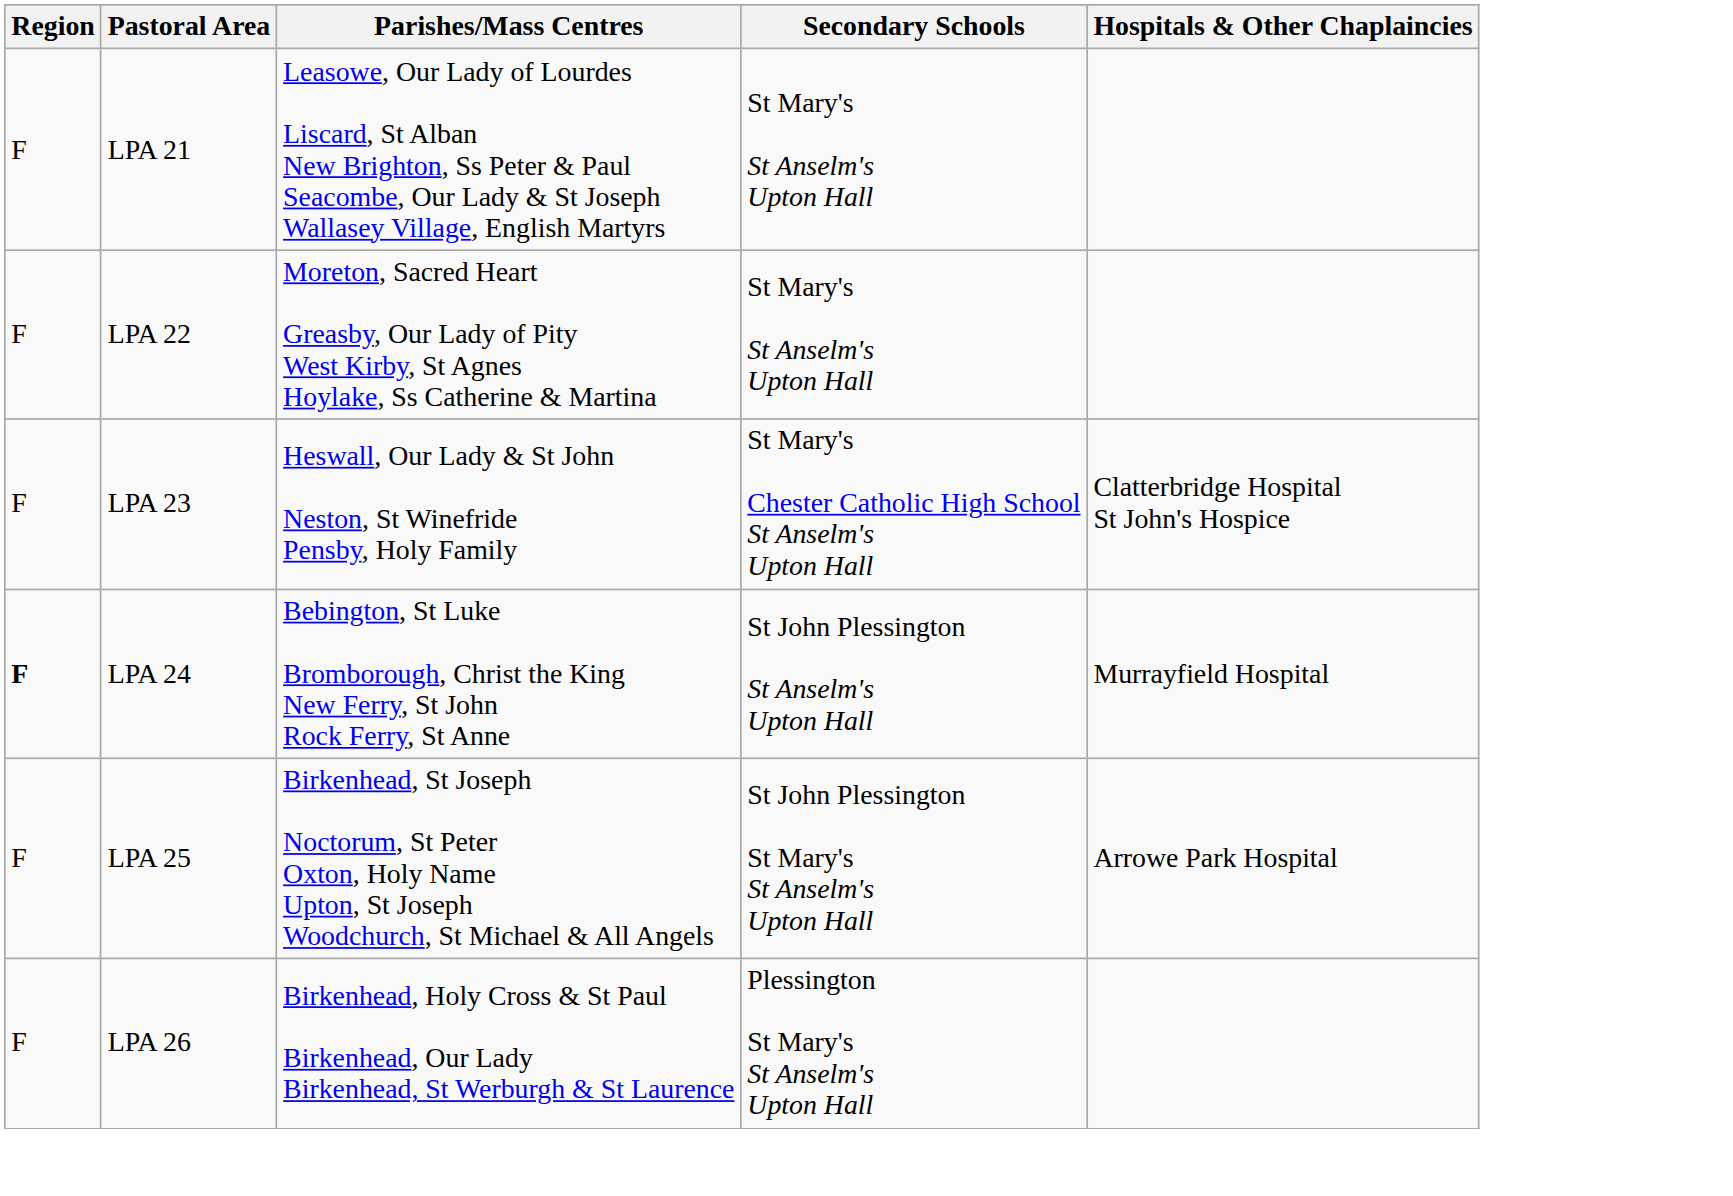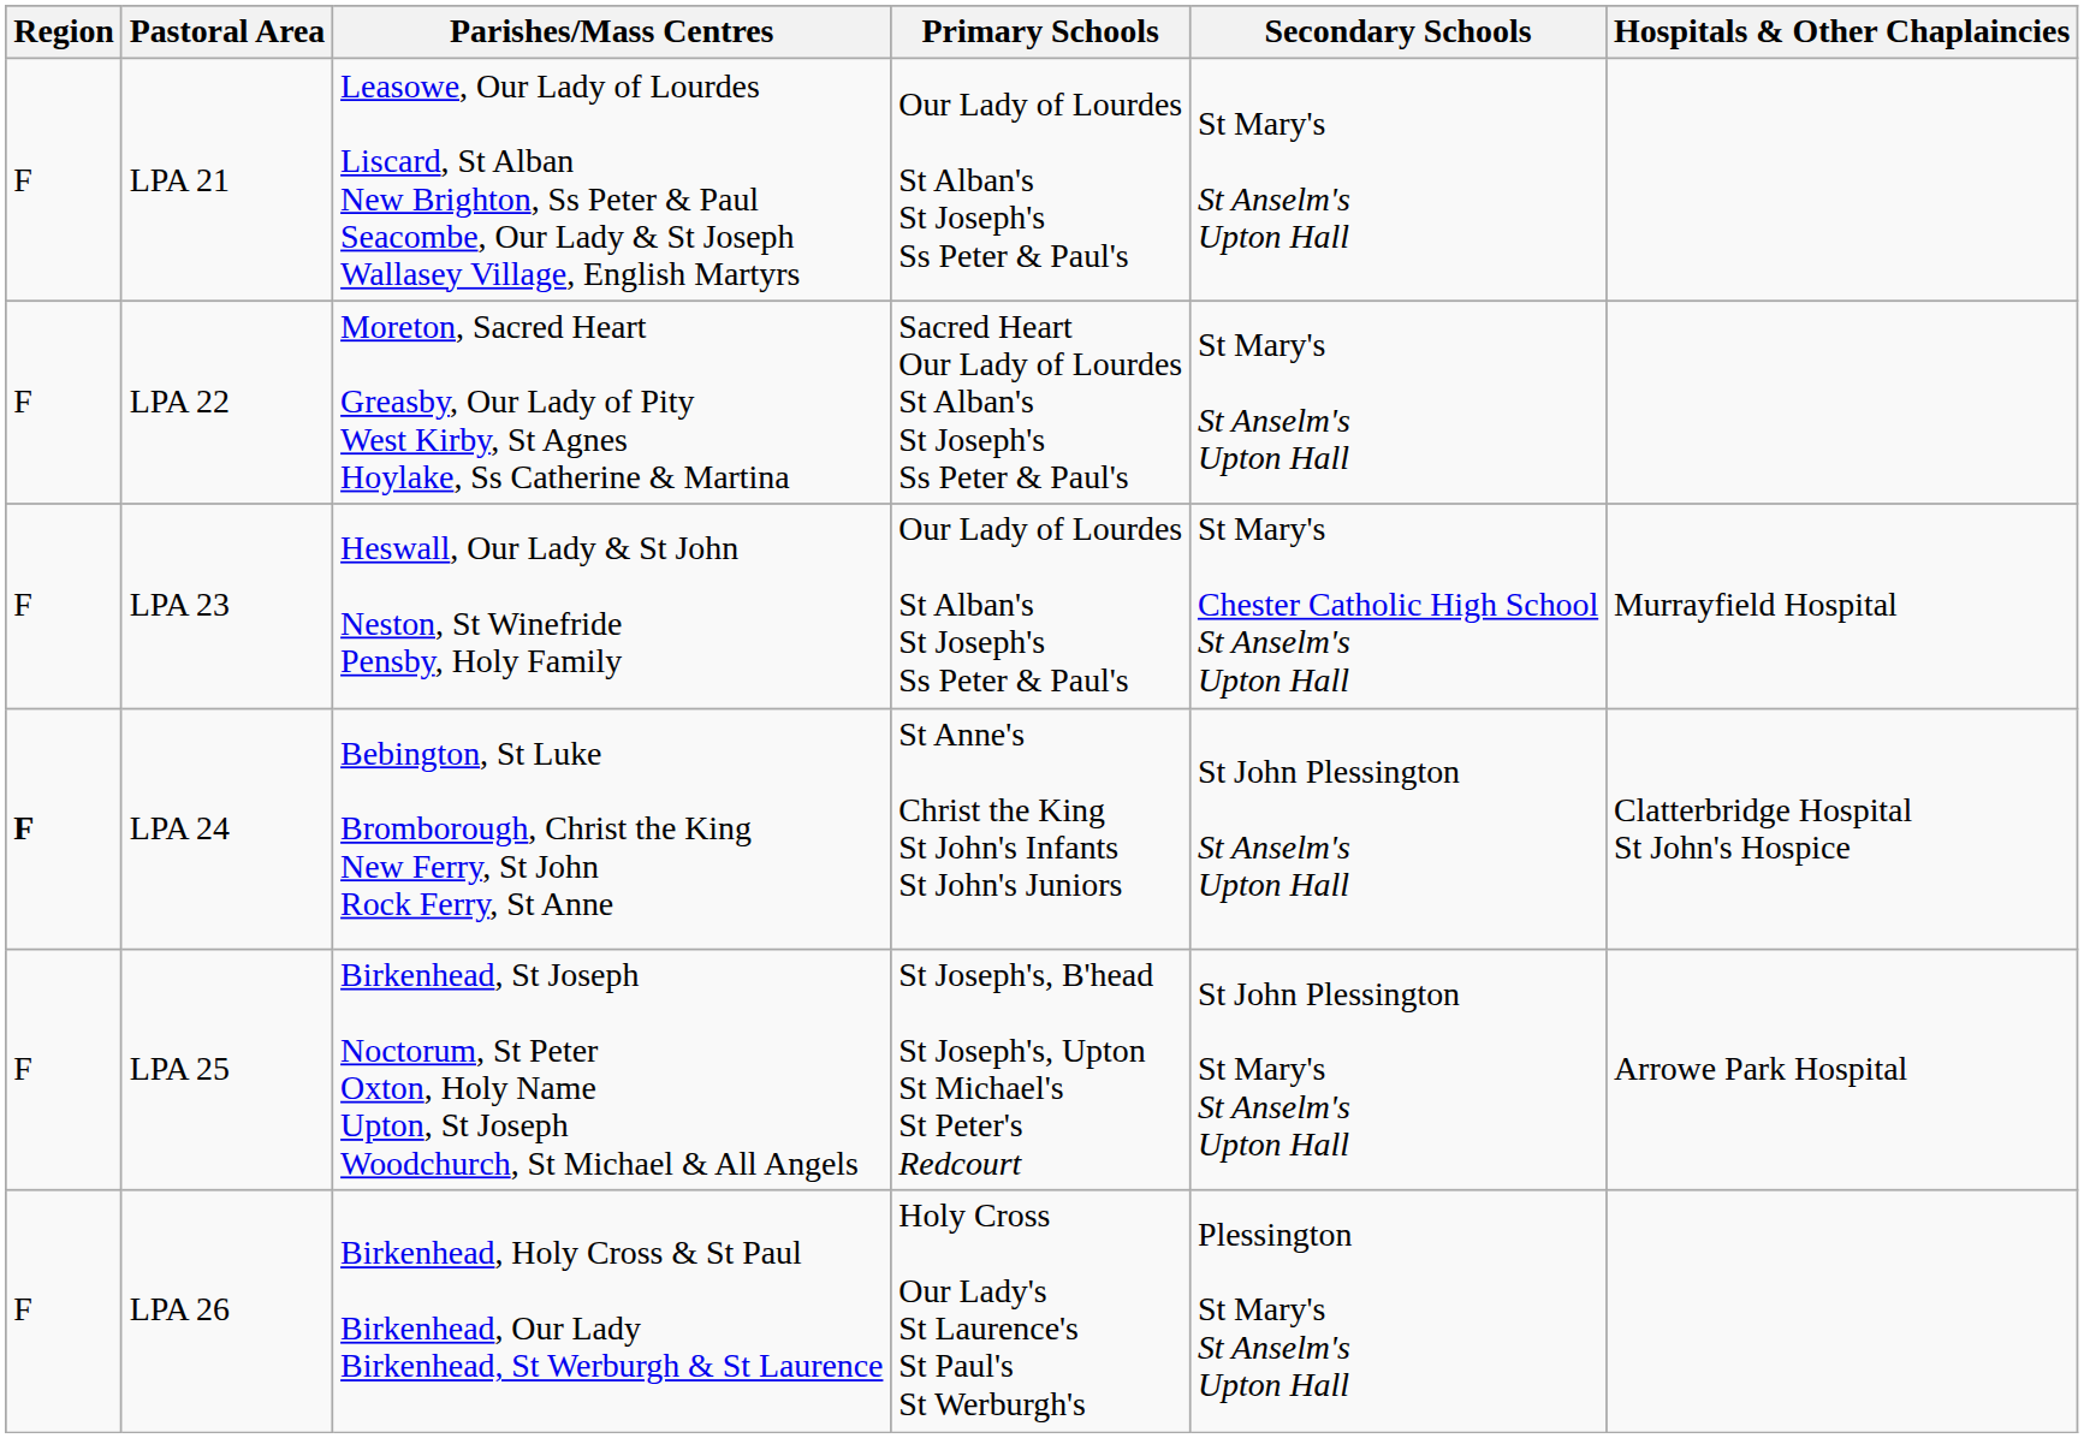 <table class="wikitable">
 <tr>
 <th>Region</th>
 <th>Pastoral Area</th>
 <th>Parishes/Mass Centres</th>
+<th>Primary Schools</th>
 <th>Secondary Schools</th>
 <th>Hospitals & Other Chaplaincies</th>
 </tr>
 <tr>
 <td>F</td>
 <td>LPA 21</td>
 <td><a href='#'>Leasowe</a>, Our Lady of Lourdes <br><br><a href='#'>Liscard</a>, St Alban <br> <a href='#'>New Brighton</a>, Ss Peter & Paul <br> <a href='#'>Seacombe</a>, Our Lady & St Joseph <br> <a href='#'>Wallasey Village</a>, English Martyrs</td>
+<td>Our Lady of Lourdes <br><br>St Alban's <br> St Joseph's <br> Ss Peter & Paul's <br></td>
 <td>St Mary's <br><br><em>St Anselm's</em> <br> <em>Upton Hall</em><br></td>
 <td></td>
 </tr>
 <tr>
 <td>F</td>
 <td>LPA 22</td>
 <td><a href='#'>Moreton</a>, Sacred Heart <br><br><a href='#'>Greasby</a>, Our Lady of Pity <br> <a href='#'>West Kirby</a>, St Agnes <br> <a href='#'>Hoylake</a>, Ss Catherine & Martina <br></td>
+<td>Sacred Heart<br>Our Lady of Lourdes <br> St Alban's <br> St Joseph's <br> Ss Peter & Paul's <br></td>
 <td>St Mary's <br><br><em>St Anselm's</em> <br> <em>Upton Hall</em><br></td>
 <td></td>
 </tr>
 <tr>
 <td>F</td>
 <td>LPA 23</td>
 <td><a href='#'>Heswall</a>, Our Lady & St John <br><br><a href='#'>Neston</a>, St Winefride <br> <a href='#'>Pensby</a>, Holy Family <br></td>
+<td>Our Lady of Lourdes <br><br>St Alban's <br> St Joseph's <br> Ss Peter & Paul's <br></td>
 <td>St Mary's <br><br><a href='#'>Chester Catholic High School</a> <br> <em>St Anselm's</em> <br> <em>Upton Hall</em><br></td>
-<td>Clatterbridge Hospital<br>St John's Hospice</td>
+<td>Murrayfield Hospital</td>
 </tr>
 <tr>
 <td><strong>F</strong></td>
 <td>LPA 24</td>
 <td><a href='#'>Bebington</a>, St Luke<br><br><a href='#'>Bromborough</a>, Christ the King <br> <a href='#'>New Ferry</a>, St John<br> <a href='#'>Rock Ferry</a>, St Anne</td>
+<td>St Anne's <br><br>Christ the King <br> St John's Infants <br> St John's Juniors <br> <br></td>
 <td>St John Plessington<br><br><em>St Anselm's</em> <br> <em>Upton Hall</em><br></td>
-<td>Murrayfield Hospital</td>
+<td>Clatterbridge Hospital<br>St John's Hospice</td>
 </tr>
 <tr>
 <td>F</td>
 <td>LPA 25</td>
 <td><a href='#'>Birkenhead</a>, St Joseph <br><br><a href='#'>Noctorum</a>, St Peter <br> <a href='#'>Oxton</a>, Holy Name <br> <a href='#'>Upton</a>, St Joseph <br> <a href='#'>Woodchurch</a>, St Michael & All Angels</td>
+<td>St Joseph's, B'head <br><br>St Joseph's, Upton <br> St Michael's <br> St Peter's <br> <em>Redcourt</em> <br></td>
 <td>St John Plessington <br><br>St Mary's <br> <em>St Anselm's</em> <br> <em>Upton Hall</em></td>
 <td>Arrowe Park Hospital</td>
 </tr>
 <tr>
 <td>F</td>
 <td>LPA 26</td>
 <td><a href='#'>Birkenhead</a>, Holy Cross & St Paul <br><br><a href='#'>Birkenhead</a>, Our Lady <br> <a href='#'>Birkenhead, St Werburgh & St Laurence</a></td>
+<td>Holy Cross <br><br>Our Lady's<br> St Laurence's<br> St Paul's <br> St Werburgh's <br></td>
 <td>Plessington <br><br>St Mary's <br> <em>St Anselm's</em> <br> <em>Upton Hall</em></td>
 <td></td>
 </tr>
 </table>
